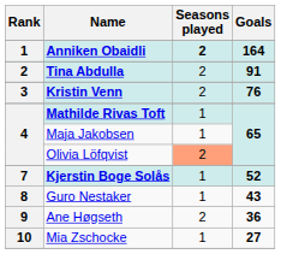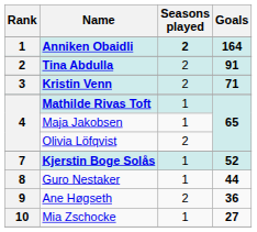 <table class="wikitable" style="text-align: center;">
 <tr>
 <th>Rank</th>
 <th class="unsortable">Name</th>
 <th>Seasons<br>played</th>
 <th>Goals</th>
 </tr>
 <tr>
 </tr>
 <tr style="background-color: #CFECEC;">
 <th rowspan="1">1</th>
 <td style="text-align: left;"> <strong><a href='#'>Anniken Obaidli</a></strong></td>
 <td><strong>2</strong></td>
 <td><strong>164</strong></td>
 </tr>
 <tr>
 </tr>
 <tr style="background-color: #CFECEC;">
 <th rowspan="1">2</th>
 <td style="text-align: left;"> <strong><a href='#'>Tina Abdulla</a></strong></td>
 <td>2</td>
 <td><strong>91</strong></td>
 </tr>
 <tr>
 </tr>
 <tr style="background-color: #CFECEC;">
 <th rowspan=1>3</th>
 <td style="text-align: left;"> <strong><a href='#'>Kristin Venn</a></strong></td>
 <td>2</td>
-<td><strong>76</strong></td>
+<td><strong>71</strong></td>
 </tr>
 <tr>
 </tr>
 <tr style="background-color: #CFECEC;">
 <th rowspan=3>4</th>
 <td style="text-align: left;"> <strong><a href='#'>Mathilde Rivas Toft</a></strong></td>
 <td>1</td>
 <td rowspan=3><strong>65</strong></td>
 </tr>
 <tr>
 <td style="text-align: left;"> <a href='#'>Maja Jakobsen</a></td>
 <td>1</td>
 </tr>
 <tr>
 <td style="text-align: left;"> <a href='#'>Olivia Löfqvist</a></td>
-<td style="background: lightsalmon;">2</td>
+<td>2</td>
 </tr>
 <tr>
 </tr>
 <tr style="background-color: #CFECEC;">
 <th>7</th>
 <td style="text-align: left;"> <strong><a href='#'>Kjerstin Boge Solås</a></strong></td>
 <td>1</td>
 <td><strong>52</strong></td>
 </tr>
 <tr>
 <th>8</th>
 <td style="text-align: left;"> <a href='#'>Guro Nestaker</a></td>
 <td>1</td>
-<td><strong>43</strong></td>
+<td><strong>44</strong></td>
 </tr>
 <tr>
 <th>9</th>
 <td style="text-align: left;"> <a href='#'>Ane Høgseth</a></td>
 <td>2</td>
 <td><strong>36</strong></td>
 </tr>
 <tr>
 <th>10</th>
 <td style="text-align: left;"> <a href='#'>Mia Zschocke</a></td>
 <td>1</td>
 <td><strong>27</strong></td>
 </tr>
 <tr>
 </tr>
 </table>
